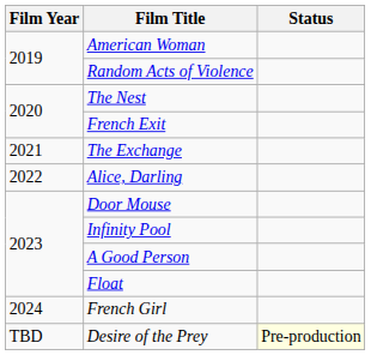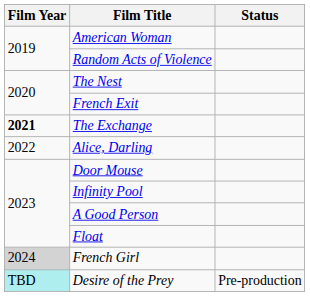 <table class="wikitable">
 <tr>
 <th>Film Year</th>
 <th>Film Title</th>
 <th>Status</th>
 </tr>
 <tr>
 <td rowspan="2">2019</td>
 <td><em><a href='#'>American Woman</a></em></td>
 <td></td>
 </tr>
 <tr>
 <td><em><a href='#'>Random Acts of Violence</a></em></td>
 <td></td>
 </tr>
 <tr>
 <td rowspan="2">2020</td>
 <td><em><a href='#'>The Nest</a></em></td>
 <td></td>
 </tr>
 <tr>
 <td><em><a href='#'>French Exit</a></em></td>
 <td></td>
 </tr>
 <tr>
-<td>2021</td>
+<td><strong>2021</strong></td>
 <td><em><a href='#'>The Exchange</a></em></td>
 <td></td>
 </tr>
 <tr>
 <td>2022</td>
 <td><em><a href='#'>Alice, Darling</a></em></td>
 <td></td>
 </tr>
 <tr>
 <td rowspan="4">2023</td>
 <td><em><a href='#'>Door Mouse</a></em></td>
 <td></td>
 </tr>
 <tr>
 <td><em><a href='#'>Infinity Pool</a></em></td>
 <td></td>
 </tr>
 <tr>
 <td><em><a href='#'>A Good Person</a></em></td>
 <td></td>
 </tr>
 <tr>
 <td><em><a href='#'>Float</a></em></td>
 <td></td>
 </tr>
 <tr>
-<td>2024</td>
+<td style="background: lightgrey;">2024</td>
 <td><em>French Girl</em></td>
 <td></td>
 </tr>
 <tr>
-<td>TBD</td>
+<td style="background: paleturquoise;">TBD</td>
 <td><em>Desire of the Prey</em></td>
-<td style="background: lightyellow;">Pre-production</td>
+<td>Pre-production</td>
 </tr>
 </table>
